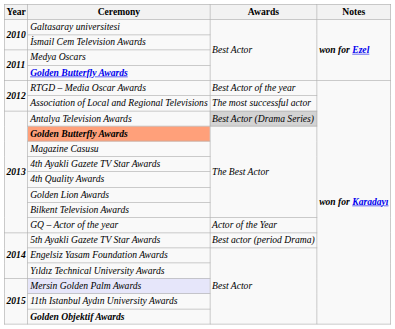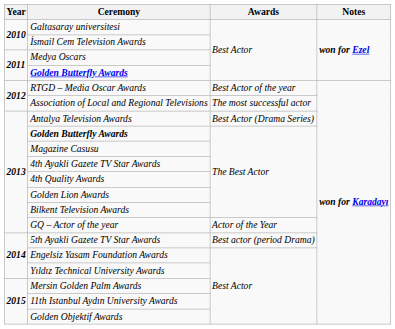 <table class="wikitable">
 <tr>
 <th>Year</th>
 <th>Ceremony</th>
 <th>Awards</th>
 <th>Notes</th>
 </tr>
 <tr>
 <td rowspan="2"><strong><em>2010</em></strong></td>
 <td><em>Galtasaray universitesi</em></td>
 <td rowspan="4"><em>Best Actor</em></td>
 <td rowspan="4"><strong><em>won for <a href='#'>Ezel</a></em></strong></td>
 </tr>
 <tr>
 <td><em>İsmail Cem Television Awards</em></td>
 </tr>
 <tr>
 <td rowspan="2"><strong><em>2011</em></strong></td>
 <td><em>Medya Oscars</em></td>
 </tr>
 <tr>
 <td><strong><em><a href='#'>Golden Butterfly Awards</a></em></strong></td>
 </tr>
 <tr>
 <td rowspan="2"><strong><em>2012</em></strong></td>
 <td><em>RTGD – Media Oscar Awards</em></td>
 <td><em>Best Actor of the year</em></td>
 <td rowspan="16"><strong><em>won for <a href='#'>Karadayı</a></em></strong></td>
 </tr>
 <tr>
 <td><em>Association of Local and Regional Televisions</em></td>
 <td><em>The most successful actor</em></td>
 </tr>
 <tr>
 <td rowspan="8"><strong><em>2013</em></strong></td>
 <td><em>Antalya Television Awards</em></td>
-<td style="background: lightgrey;"><em>Best Actor (Drama Series)</em></td>
+<td><em>Best Actor (Drama Series)</em></td>
 </tr>
 <tr>
-<td style="background: lightsalmon;"><strong><em>Golden Butterfly Awards</em></strong></td>
+<td><strong><em>Golden Butterfly Awards</em></strong></td>
 <td rowspan="6"><em>The Best Actor</em></td>
 </tr>
 <tr>
 <td><em>Magazine Casusu</em></td>
 </tr>
 <tr>
 <td><em>4th Ayakli Gazete TV Star Awards</em></td>
 </tr>
 <tr>
 <td><em>4th Quality Awards</em></td>
 </tr>
 <tr>
 <td><em>Golden Lion Awards</em></td>
 </tr>
 <tr>
 <td><em>Bilkent Television Awards</em></td>
 </tr>
 <tr>
 <td><em>GQ – Actor of the year</em></td>
 <td><em>Actor of the Year</em></td>
 </tr>
 <tr>
 <td rowspan="3"><strong><em>2014</em></strong></td>
 <td><em>5th Ayakli Gazete TV Star Awards</em></td>
 <td><em>Best actor (period Drama)</em></td>
 </tr>
 <tr>
 <td><em>Engelsiz Yasam Foundation Awards</em></td>
 <td rowspan="5"><em>Best Actor</em></td>
 </tr>
 <tr>
 <td><em>Yıldız Technical University Awards</em></td>
 </tr>
 <tr>
 <td rowspan="3"><strong><em>2015</em></strong></td>
-<td style="background: lavender;"><em>Mersin Golden Palm Awards</em></td>
+<td><em>Mersin Golden Palm Awards</em></td>
 </tr>
 <tr>
 <td><em>11th Istanbul Aydın University Awards</em></td>
 </tr>
 <tr>
-<td><strong><em>Golden Objektif Awards</em></strong></td>
+<td><em>Golden Objektif Awards</em></td>
 </tr>
 </table>
